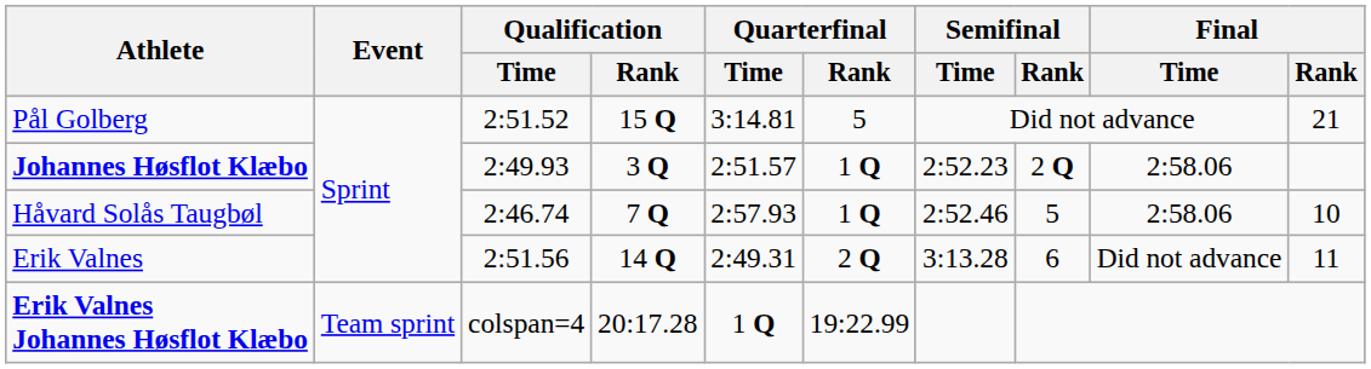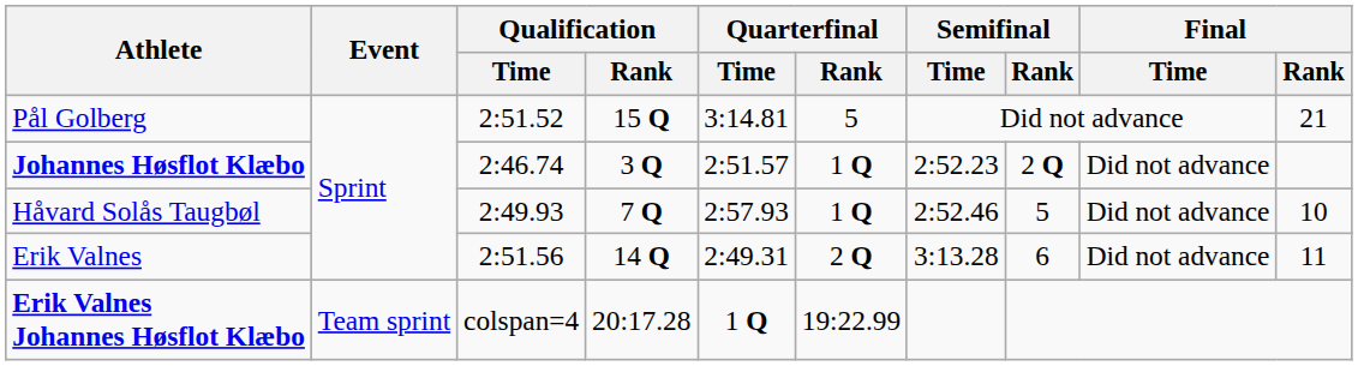 <table class=wikitable style="font-size:90%; text-align:center">
 <tr>
 <th rowspan=2>Athlete</th>
 <th rowspan=2>Event</th>
 <th colspan=2>Qualification</th>
 <th colspan=2>Quarterfinal</th>
 <th colspan=2>Semifinal</th>
 <th colspan=2>Final</th>
 </tr>
 <tr style=font-size:95%>
 <th>Time</th>
 <th>Rank</th>
 <th>Time</th>
 <th>Rank</th>
 <th>Time</th>
 <th>Rank</th>
 <th>Time</th>
 <th>Rank</th>
 </tr>
 <tr>
 <td align=left><a href='#'>Pål Golberg</a></td>
 <td align=left rowspan=4><a href='#'>Sprint</a></td>
 <td>2:51.52</td>
 <td>15 <strong>Q</strong></td>
 <td>3:14.81</td>
 <td>5</td>
 <td colspan=3>Did not advance</td>
 <td>21</td>
 </tr>
 <tr>
 <td align=left><strong><a href='#'>Johannes Høsflot Klæbo</a></strong></td>
-<td>2:49.93</td>
+<td>2:46.74</td>
 <td>3 <strong>Q</strong></td>
 <td>2:51.57</td>
 <td>1 <strong>Q</strong></td>
 <td>2:52.23</td>
 <td>2 <strong>Q</strong></td>
-<td>2:58.06</td>
+<td>Did not advance</td>
 <td></td>
 </tr>
 <tr>
 <td align=left><a href='#'>Håvard Solås Taugbøl</a></td>
-<td>2:46.74</td>
+<td>2:49.93</td>
 <td>7 <strong>Q</strong></td>
 <td>2:57.93</td>
 <td>1 <strong>Q</strong></td>
 <td>2:52.46</td>
 <td>5</td>
-<td>2:58.06</td>
+<td>Did not advance</td>
 <td>10</td>
 </tr>
 <tr>
 <td align=left><a href='#'>Erik Valnes</a></td>
 <td>2:51.56</td>
 <td>14 <strong>Q</strong></td>
 <td>2:49.31</td>
 <td>2 <strong>Q</strong></td>
 <td>3:13.28</td>
 <td>6</td>
 <td>Did not advance</td>
 <td>11</td>
 </tr>
 <tr>
 <td align=left><strong><a href='#'>Erik Valnes</a> <br> <a href='#'>Johannes Høsflot Klæbo</a></strong></td>
 <td align=left><a href='#'>Team sprint</a></td>
 <td>colspan=4 </td>
 <td>20:17.28</td>
 <td>1 <strong>Q</strong></td>
 <td>19:22.99</td>
 <td></td>
 </tr>
 </table>
